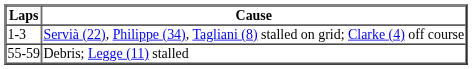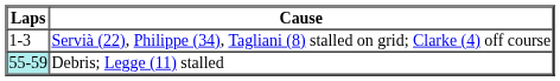 <table border=2 cellspacing=0>
 <tr>
 <th>Laps</th>
 <th>Cause</th>
 </tr>
 <tr>
 <td>1-3</td>
 <td><a href='#'>Servià (22)</a>, <a href='#'>Philippe (34)</a>, <a href='#'>Tagliani (8)</a> stalled on grid; <a href='#'>Clarke (4)</a> off course</td>
 </tr>
 <tr>
-<td>55-59</td>
+<td style="background: paleturquoise;">55-59</td>
 <td>Debris; <a href='#'>Legge (11)</a> stalled</td>
 </tr>
 </table>
